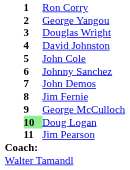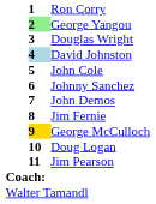 <table cellspacing="0" cellpadding="0" style="font-size:90%;margin:auto">
 <tr>
 <th width=25></th>
 <th width=25></th>
 </tr>
 <tr>
 <td></td>
 <td><strong>1</strong></td>
 <td> <a href='#'>Ron Corry</a></td>
 </tr>
 <tr>
 <td></td>
-<td><strong>2</strong></td>
+<td style="background: lightgreen;"><strong>2</strong></td>
 <td> <a href='#'>George Yangou</a></td>
 </tr>
 <tr>
 <td></td>
 <td><strong>3</strong></td>
 <td> <a href='#'>Douglas Wright</a></td>
 <td></td>
 </tr>
 <tr>
 <td></td>
-<td><strong>4</strong></td>
+<td style="background: lightblue;"><strong>4</strong></td>
 <td> <a href='#'>David Johnston</a></td>
 </tr>
 <tr>
 <td></td>
 <td><strong>5</strong></td>
 <td> <a href='#'>John Cole</a></td>
 </tr>
 <tr>
 <td></td>
 <td><strong>6</strong></td>
 <td> <a href='#'>Johnny Sanchez</a></td>
 </tr>
 <tr>
 <td></td>
 <td><strong>7</strong></td>
 <td> <a href='#'>John Demos</a></td>
 </tr>
 <tr>
 <td></td>
 <td><strong>8</strong></td>
 <td> <a href='#'>Jim Fernie</a></td>
 </tr>
 <tr>
 <td></td>
-<td><strong>9</strong></td>
+<td style="background: gold;"><strong>9</strong></td>
 <td> <a href='#'>George McCulloch</a></td>
 </tr>
 <tr>
 <td></td>
-<td style="background: lightgreen;"><strong>10</strong></td>
+<td><strong>10</strong></td>
 <td> <a href='#'>Doug Logan</a></td>
 </tr>
 <tr>
 <td></td>
 <td><strong>11</strong></td>
 <td> <a href='#'>Jim Pearson</a></td>
 </tr>
 <tr>
 <td colspan=4><strong>Coach:</strong></td>
 </tr>
 <tr>
 <td colspan=4> <a href='#'>Walter Tamandl</a></td>
 </tr>
 </table>
